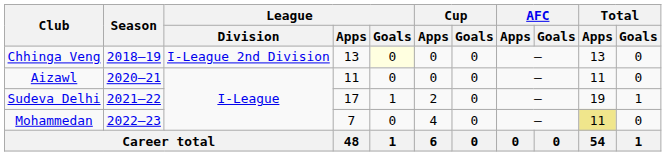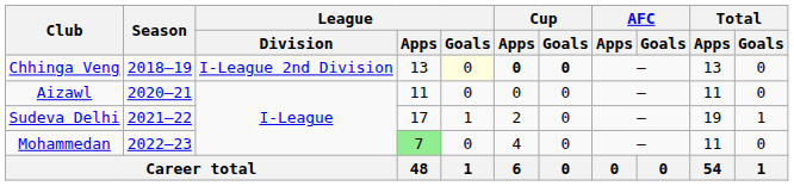 <table class="wikitable" style="text-align: center;">
 <tr>
 <th rowspan="2">Club</th>
 <th rowspan="2">Season</th>
 <th colspan="3">League</th>
 <th colspan="2">Cup</th>
 <th colspan="2"><a href='#'>AFC</a></th>
 <th colspan="2">Total</th>
 </tr>
 <tr>
 <th>Division</th>
 <th>Apps</th>
 <th>Goals</th>
 <th>Apps</th>
 <th>Goals</th>
 <th>Apps</th>
 <th>Goals</th>
 <th>Apps</th>
 <th>Goals</th>
 </tr>
 <tr>
 <td rowspan="1"><a href='#'>Chhinga Veng</a></td>
 <td><a href='#'>2018–19</a></td>
 <td rowspan="1"><a href='#'>I-League 2nd Division</a></td>
 <td>13</td>
 <td style="background: lightyellow;">0</td>
-<td>0</td>
-<td>0</td>
+<td><strong>0</strong></td>
+<td><strong>0</strong></td>
 <td colspan="2">–</td>
 <td>13</td>
 <td>0</td>
 </tr>
 <tr>
 <td rowspan="1"><a href='#'>Aizawl</a></td>
 <td><a href='#'>2020–21</a></td>
 <td rowspan="3"><a href='#'>I-League</a></td>
 <td>11</td>
 <td>0</td>
 <td>0</td>
 <td>0</td>
 <td colspan="2">–</td>
 <td>11</td>
 <td>0</td>
 </tr>
 <tr>
 <td rowspan="1"><a href='#'>Sudeva Delhi</a></td>
 <td><a href='#'>2021–22</a></td>
 <td>17</td>
 <td>1</td>
 <td>2</td>
 <td>0</td>
 <td colspan="2">–</td>
 <td>19</td>
 <td>1</td>
 </tr>
 <tr>
 <td rowspan="1"><a href='#'>Mohammedan</a></td>
 <td><a href='#'>2022–23</a></td>
-<td>7</td>
+<td style="background: lightgreen;">7</td>
 <td>0</td>
 <td>4</td>
 <td>0</td>
 <td colspan="2">–</td>
-<td style="background: khaki;">11</td>
+<td>11</td>
 <td>0</td>
 </tr>
 <tr>
 <th colspan="3">Career total</th>
 <th>48</th>
 <th>1</th>
 <th>6</th>
 <th>0</th>
 <th>0</th>
 <th>0</th>
 <th>54</th>
 <th>1</th>
 </tr>
 </table>
